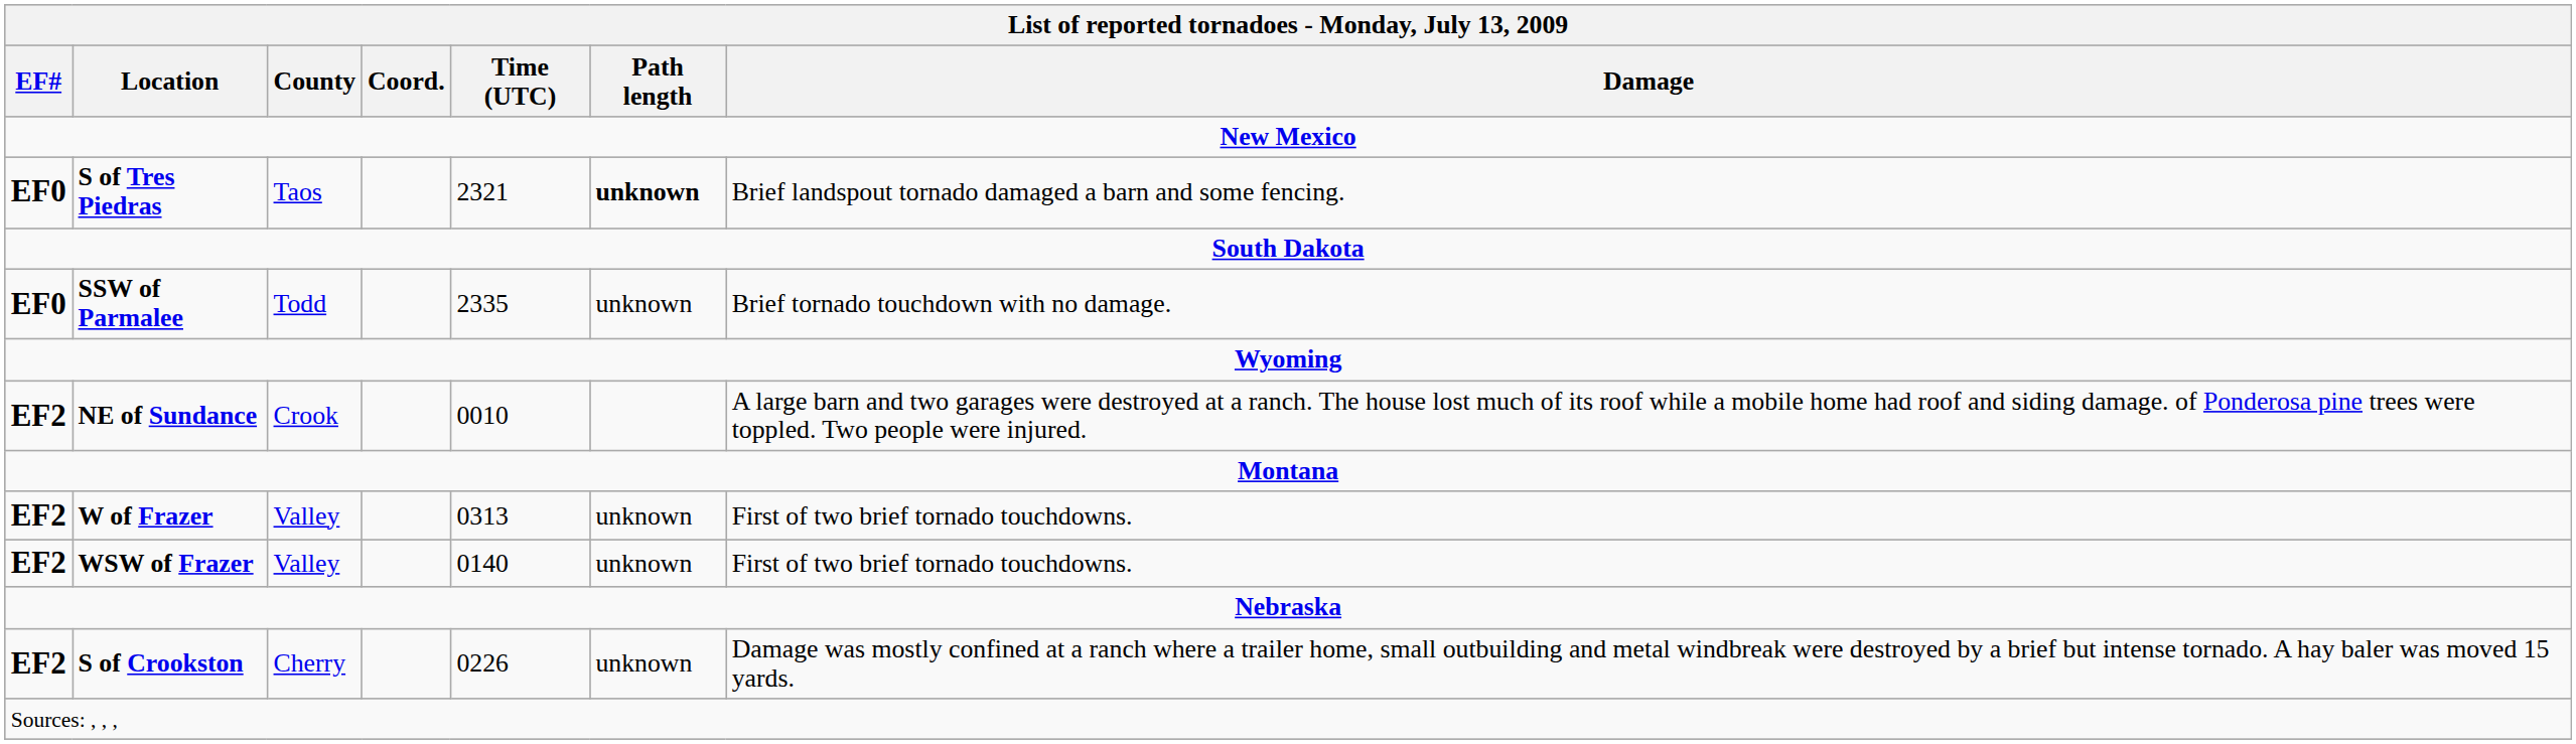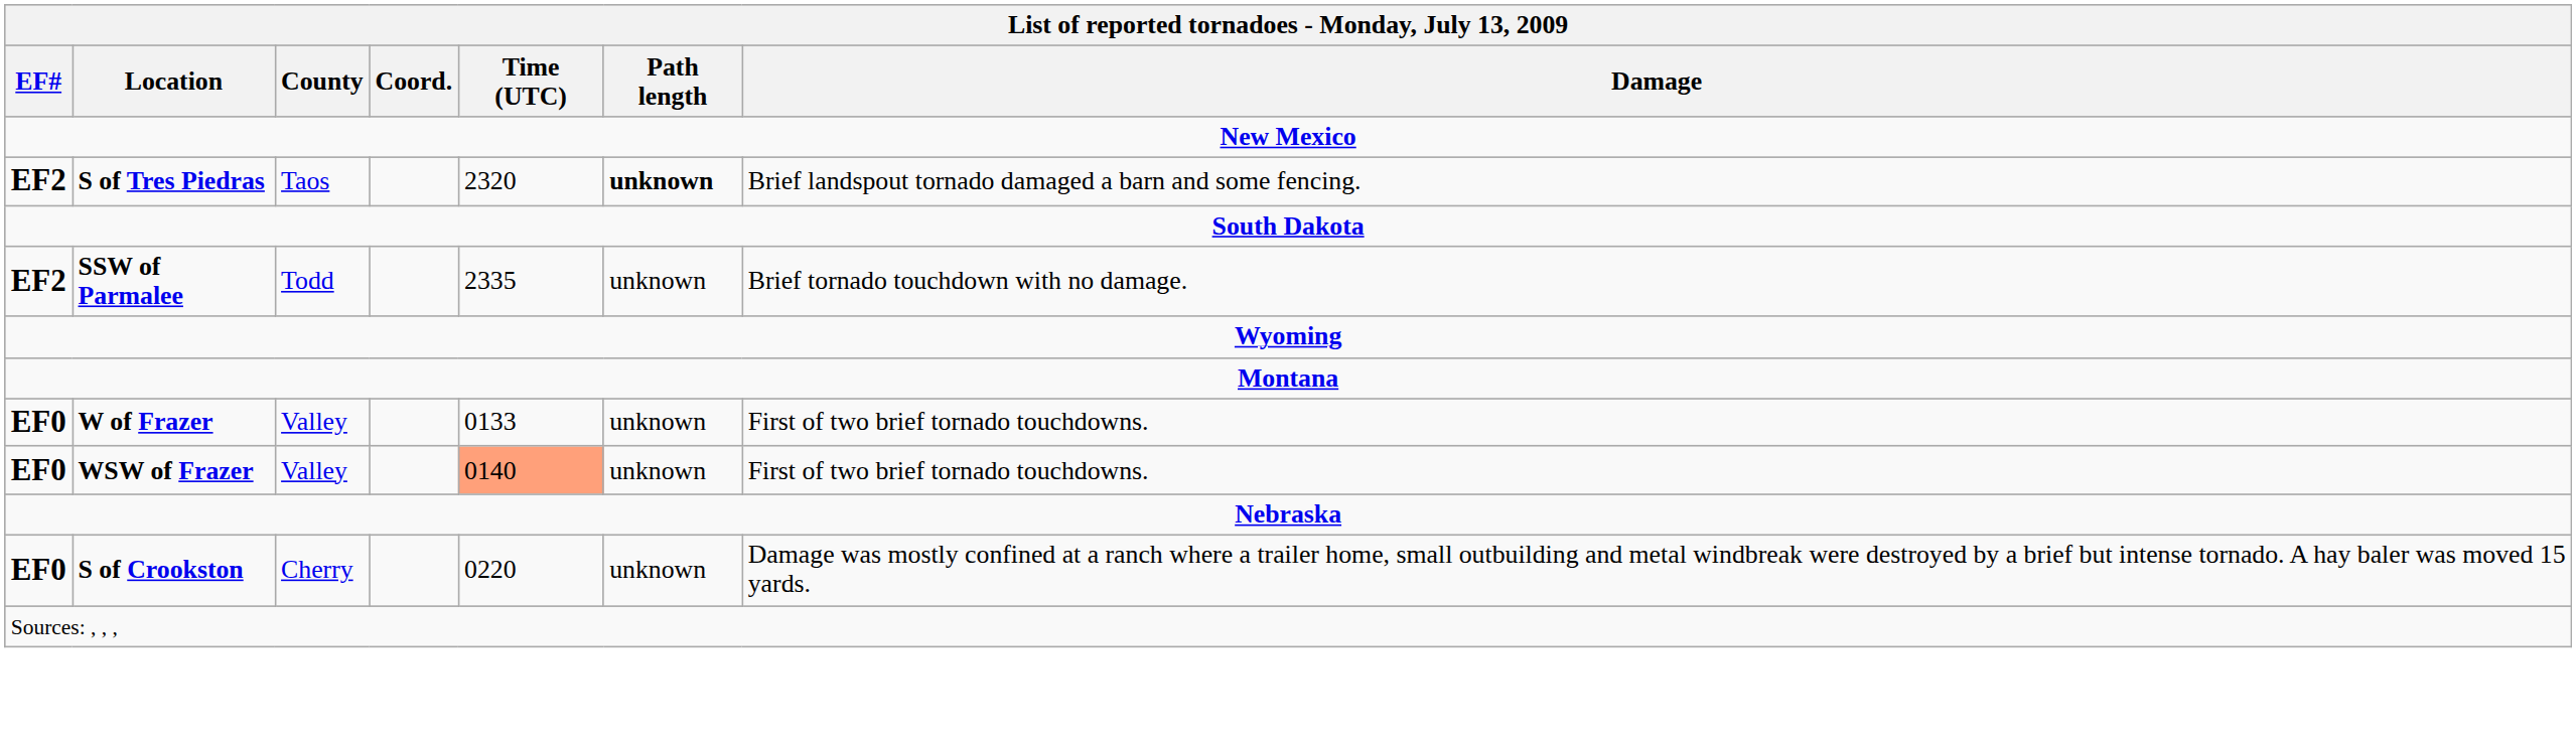 <table class="wikitable collapsible" style="width:100%;">
 <tr>
 <th colspan="7">List of reported tornadoes - Monday, July 13, 2009</th>
 </tr>
 <tr>
 <th><a href='#'>EF#</a></th>
 <th>Location</th>
 <th>County</th>
 <th>Coord.</th>
 <th>Time (UTC)</th>
 <th>Path length</th>
 <th>Damage</th>
 </tr>
 <tr>
 <td colspan="7" style="text-align:center;"><strong><a href='#'>New Mexico</a></strong></td>
 </tr>
 <tr>
-<td><big><strong>EF0</strong></big></td>
+<td><big><strong>EF2</strong></big></td>
 <td><strong>S of <a href='#'>Tres Piedras</a></strong></td>
 <td><a href='#'>Taos</a></td>
 <td></td>
-<td>2321</td>
+<td>2320</td>
 <td><strong>unknown</strong></td>
 <td>Brief landspout tornado damaged a barn and some fencing.</td>
 </tr>
 <tr>
 <td colspan="7" style="text-align:center;"><strong><a href='#'>South Dakota</a></strong></td>
 </tr>
 <tr>
-<td><big><strong>EF0</strong></big></td>
+<td><big><strong>EF2</strong></big></td>
 <td><strong>SSW of <a href='#'>Parmalee</a></strong></td>
 <td><a href='#'>Todd</a></td>
 <td></td>
 <td>2335</td>
 <td>unknown</td>
 <td>Brief tornado touchdown with no damage.</td>
 </tr>
 <tr>
 <td colspan="7" style="text-align:center;"><strong><a href='#'>Wyoming</a></strong></td>
 </tr>
 <tr>
-<td><big><strong>EF2</strong></big></td>
-<td><strong>NE of <a href='#'>Sundance</a></strong></td>
-<td><a href='#'>Crook</a></td>
-<td></td>
-<td>0010</td>
-<td></td>
-<td>A large barn and two garages were destroyed at a ranch. The house lost much of its roof while a mobile home had roof and siding damage.  of <a href='#'>Ponderosa pine</a> trees were toppled. Two people were injured.</td>
-</tr>
-<tr>
 <td colspan="7" style="text-align:center;"><strong><a href='#'>Montana</a></strong></td>
 </tr>
 <tr>
-<td><big><strong>EF2</strong></big></td>
+<td><big><strong>EF0</strong></big></td>
 <td><strong>W of <a href='#'>Frazer</a></strong></td>
 <td><a href='#'>Valley</a></td>
 <td></td>
-<td>0313</td>
+<td>0133</td>
 <td>unknown</td>
 <td>First of two brief tornado touchdowns.</td>
 </tr>
 <tr>
-<td><big><strong>EF2</strong></big></td>
+<td><big><strong>EF0</strong></big></td>
 <td><strong>WSW of <a href='#'>Frazer</a></strong></td>
 <td><a href='#'>Valley</a></td>
 <td></td>
-<td>0140</td>
+<td style="background: lightsalmon;">0140</td>
 <td>unknown</td>
 <td>First of two brief tornado touchdowns.</td>
 </tr>
 <tr>
 <td colspan="7" style="text-align:center;"><strong><a href='#'>Nebraska</a></strong></td>
 </tr>
 <tr>
-<td><big><strong>EF2</strong></big></td>
+<td><big><strong>EF0</strong></big></td>
 <td><strong>S of <a href='#'>Crookston</a></strong></td>
 <td><a href='#'>Cherry</a></td>
 <td></td>
-<td>0226</td>
+<td>0220</td>
 <td>unknown</td>
 <td>Damage was mostly confined at a ranch where a trailer home, small outbuilding and metal windbreak were destroyed by a brief but intense tornado. A hay baler was moved 15 yards.</td>
 </tr>
 <tr>
 <td colspan="7"><small>Sources: , , , </small></td>
 </tr>
 </table>
